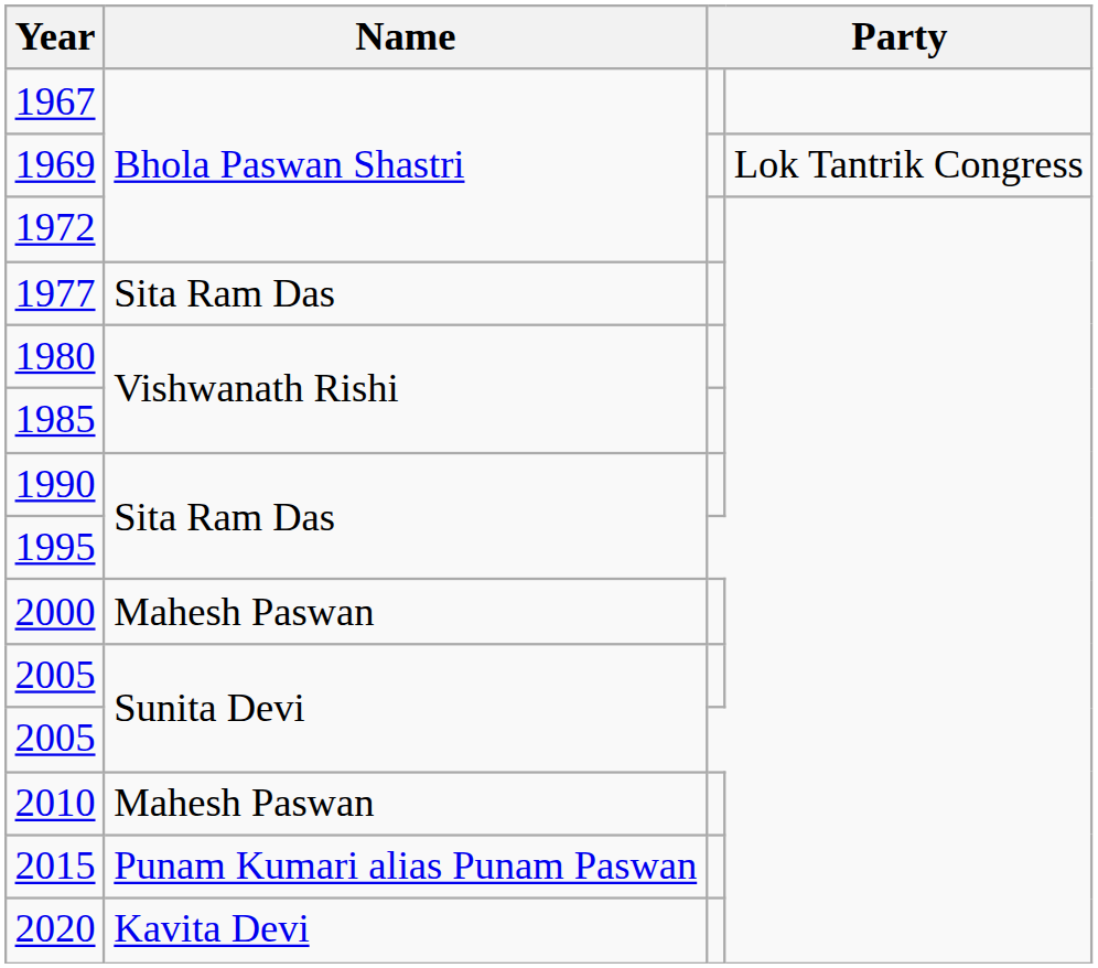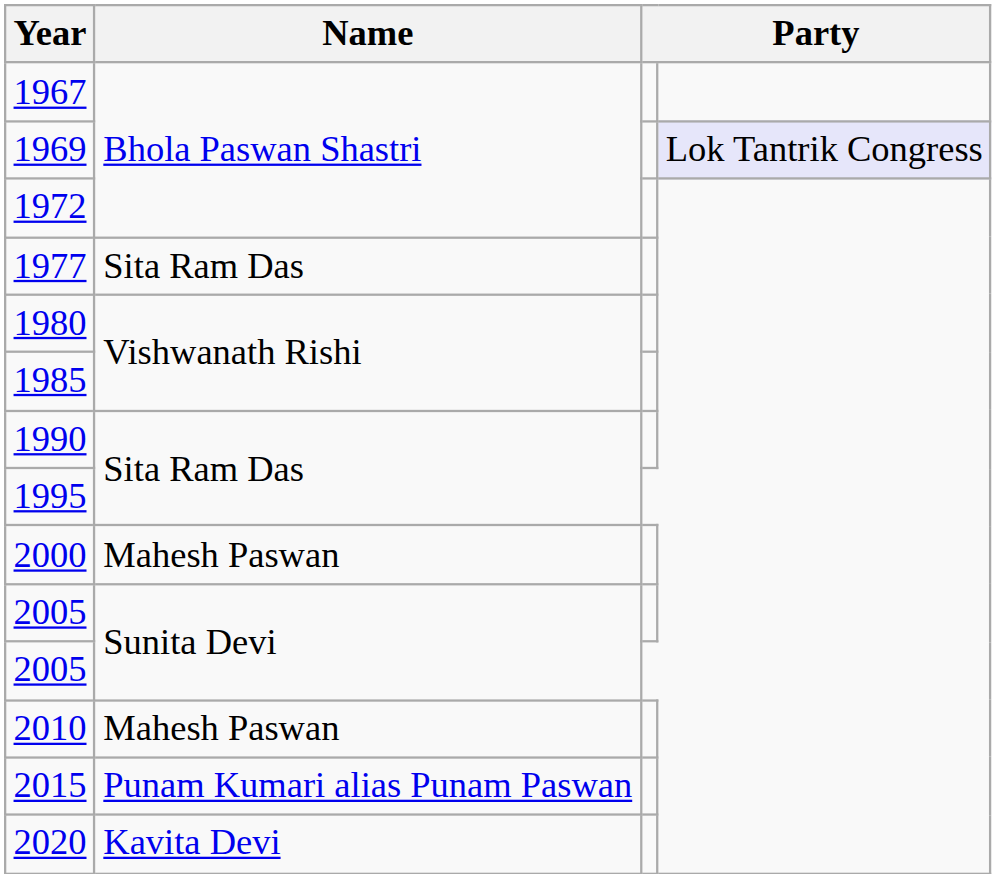 <table class="wikitable sortable">
 <tr>
 <th>Year</th>
 <th>Name</th>
 <th colspan="2">Party</th>
 </tr>
 <tr>
 <td><a href='#'>1967</a></td>
 <td rowspan="3"><a href='#'>Bhola Paswan Shastri</a></td>
 <td></td>
 </tr>
 <tr>
 <td><a href='#'>1969</a></td>
 <td style="background-color: "></td>
-<td>Lok Tantrik Congress</td>
+<td style="background: lavender;">Lok Tantrik Congress</td>
 </tr>
 <tr>
 <td><a href='#'>1972</a></td>
 <td></td>
 </tr>
 <tr>
 <td><a href='#'>1977</a></td>
 <td>Sita Ram Das</td>
 <td></td>
 </tr>
 <tr>
 <td><a href='#'>1980</a></td>
 <td rowspan="2">Vishwanath Rishi</td>
 <td></td>
 </tr>
 <tr>
 <td><a href='#'>1985</a></td>
 <td></td>
 </tr>
 <tr>
 <td><a href='#'>1990</a></td>
 <td rowspan="2">Sita Ram Das</td>
 <td></td>
 </tr>
 <tr>
 <td><a href='#'>1995</a></td>
 </tr>
 <tr>
 <td><a href='#'>2000</a></td>
 <td>Mahesh Paswan</td>
 <td></td>
 </tr>
 <tr>
 <td><a href='#'>2005</a></td>
 <td rowspan="2">Sunita Devi</td>
 <td></td>
 </tr>
 <tr>
 <td><a href='#'>2005</a></td>
 </tr>
 <tr>
 <td><a href='#'>2010</a></td>
 <td>Mahesh Paswan</td>
 <td></td>
 </tr>
 <tr>
 <td><a href='#'>2015</a></td>
 <td><a href='#'>Punam Kumari alias Punam Paswan</a></td>
 <td></td>
 </tr>
 <tr>
 <td><a href='#'>2020</a></td>
 <td><a href='#'>Kavita Devi</a></td>
 <td></td>
 </tr>
 </table>
